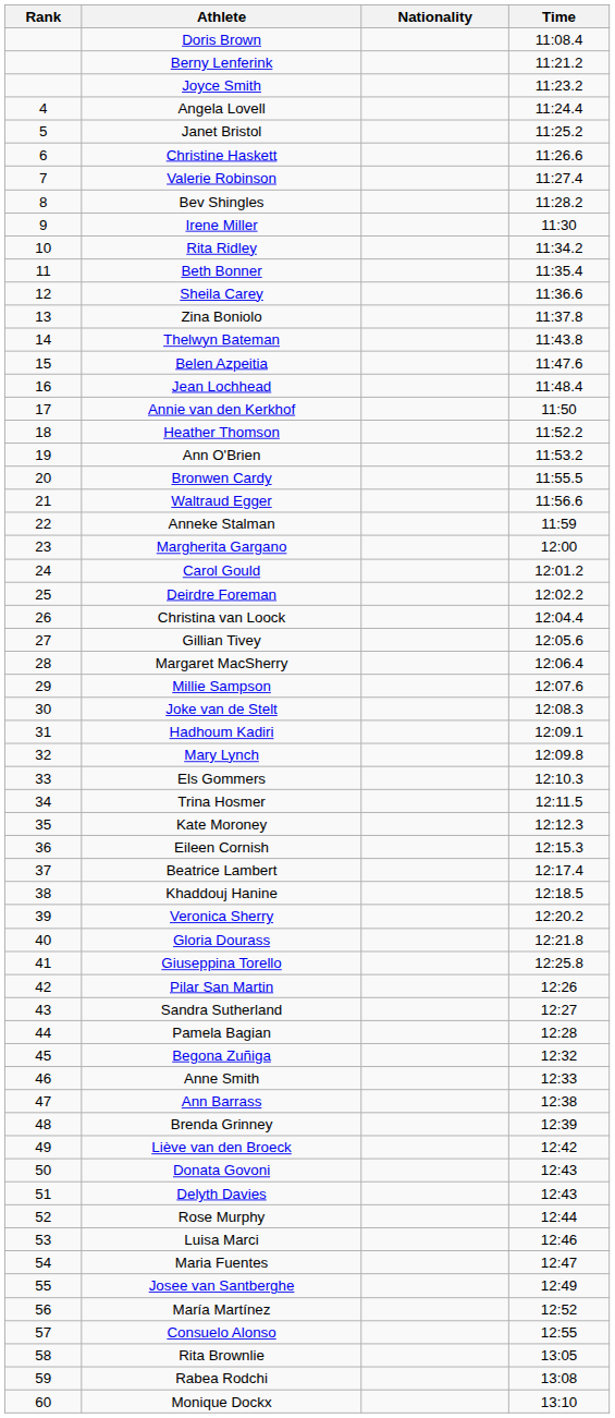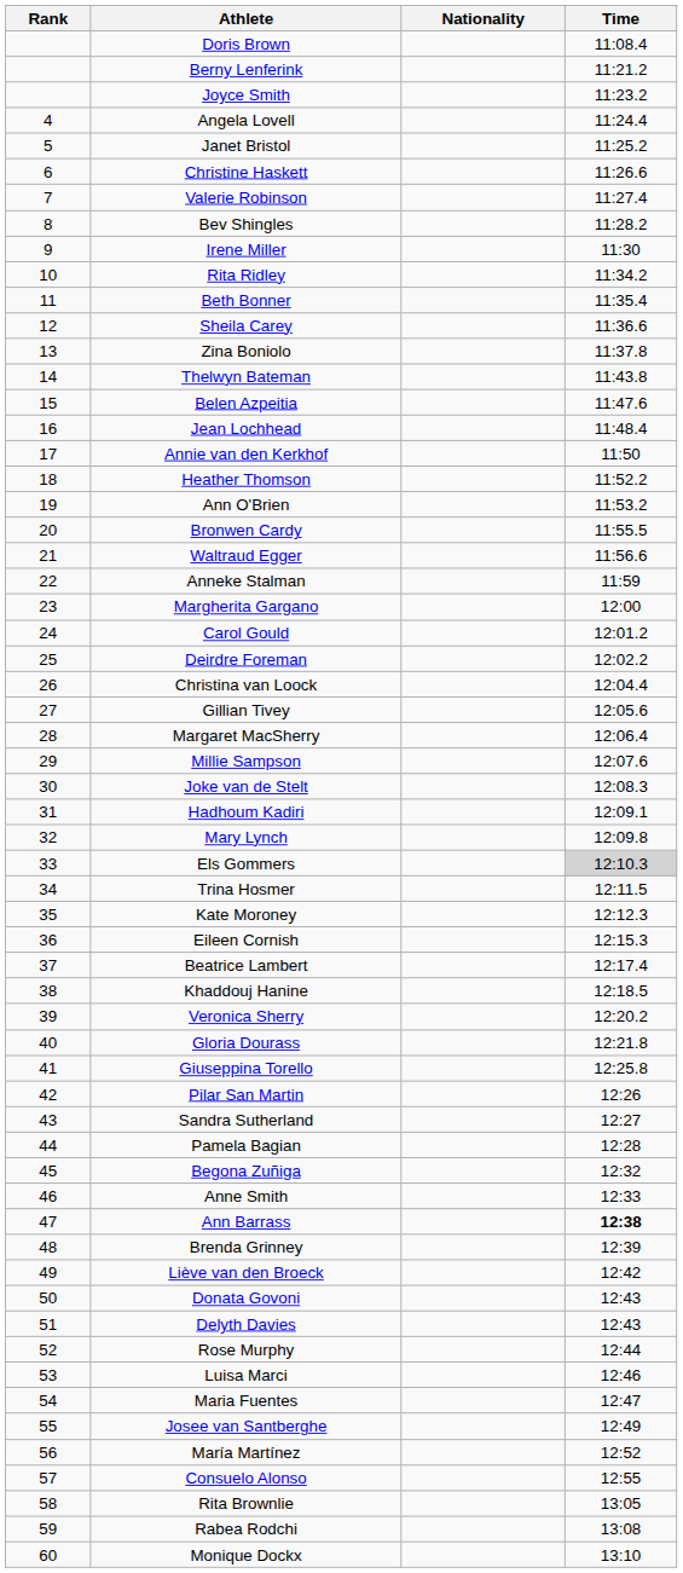 <table class="wikitable sortable" style=" text-align:center; font-size:95%;" width="50%">
 <tr>
 <th>Rank</th>
 <th>Athlete</th>
 <th>Nationality</th>
 <th>Time</th>
 </tr>
 <tr>
 <td align=center></td>
 <td><a href='#'>Doris Brown</a></td>
 <td></td>
 <td>11:08.4</td>
 </tr>
 <tr>
 <td align=center></td>
 <td><a href='#'>Berny Lenferink</a></td>
 <td></td>
 <td>11:21.2</td>
 </tr>
 <tr>
 <td align=center></td>
 <td><a href='#'>Joyce Smith</a></td>
 <td></td>
 <td>11:23.2</td>
 </tr>
 <tr>
 <td align=center>4</td>
 <td>Angela Lovell</td>
 <td></td>
 <td>11:24.4</td>
 </tr>
 <tr>
 <td align=center>5</td>
 <td>Janet Bristol</td>
 <td></td>
 <td>11:25.2</td>
 </tr>
 <tr>
 <td align=center>6</td>
 <td><a href='#'>Christine Haskett</a></td>
 <td></td>
 <td>11:26.6</td>
 </tr>
 <tr>
 <td align=center>7</td>
 <td><a href='#'>Valerie Robinson</a></td>
 <td></td>
 <td>11:27.4</td>
 </tr>
 <tr>
 <td align=center>8</td>
 <td>Bev Shingles</td>
 <td></td>
 <td>11:28.2</td>
 </tr>
 <tr>
 <td align=center>9</td>
 <td><a href='#'>Irene Miller</a></td>
 <td></td>
 <td>11:30</td>
 </tr>
 <tr>
 <td align=center>10</td>
 <td><a href='#'>Rita Ridley</a></td>
 <td></td>
 <td>11:34.2</td>
 </tr>
 <tr>
 <td align=center>11</td>
 <td><a href='#'>Beth Bonner</a></td>
 <td></td>
 <td>11:35.4</td>
 </tr>
 <tr>
 <td align=center>12</td>
 <td><a href='#'>Sheila Carey</a></td>
 <td></td>
 <td>11:36.6</td>
 </tr>
 <tr>
 <td align=center>13</td>
 <td>Zina Boniolo</td>
 <td></td>
 <td>11:37.8</td>
 </tr>
 <tr>
 <td align=center>14</td>
 <td><a href='#'>Thelwyn Bateman</a></td>
 <td></td>
 <td>11:43.8</td>
 </tr>
 <tr>
 <td align=center>15</td>
 <td><a href='#'>Belen Azpeitia</a></td>
 <td></td>
 <td>11:47.6</td>
 </tr>
 <tr>
 <td align=center>16</td>
 <td><a href='#'>Jean Lochhead</a></td>
 <td></td>
 <td>11:48.4</td>
 </tr>
 <tr>
 <td align=center>17</td>
 <td><a href='#'>Annie van den Kerkhof</a></td>
 <td></td>
 <td>11:50</td>
 </tr>
 <tr>
 <td align=center>18</td>
 <td><a href='#'>Heather Thomson</a></td>
 <td></td>
 <td>11:52.2</td>
 </tr>
 <tr>
 <td align=center>19</td>
 <td>Ann O'Brien</td>
 <td></td>
 <td>11:53.2</td>
 </tr>
 <tr>
 <td align=center>20</td>
 <td><a href='#'>Bronwen Cardy</a></td>
 <td></td>
 <td>11:55.5</td>
 </tr>
 <tr>
 <td align=center>21</td>
 <td><a href='#'>Waltraud Egger</a></td>
 <td></td>
 <td>11:56.6</td>
 </tr>
 <tr>
 <td align=center>22</td>
 <td>Anneke Stalman</td>
 <td></td>
 <td>11:59</td>
 </tr>
 <tr>
 <td align=center>23</td>
 <td><a href='#'>Margherita Gargano</a></td>
 <td></td>
 <td>12:00</td>
 </tr>
 <tr>
 <td align=center>24</td>
 <td><a href='#'>Carol Gould</a></td>
 <td></td>
 <td>12:01.2</td>
 </tr>
 <tr>
 <td align=center>25</td>
 <td><a href='#'>Deirdre Foreman</a></td>
 <td></td>
 <td>12:02.2</td>
 </tr>
 <tr>
 <td align=center>26</td>
 <td>Christina van Loock</td>
 <td></td>
 <td>12:04.4</td>
 </tr>
 <tr>
 <td align=center>27</td>
 <td>Gillian Tivey</td>
 <td></td>
 <td>12:05.6</td>
 </tr>
 <tr>
 <td align=center>28</td>
 <td>Margaret MacSherry</td>
 <td></td>
 <td>12:06.4</td>
 </tr>
 <tr>
 <td align=center>29</td>
 <td><a href='#'>Millie Sampson</a></td>
 <td></td>
 <td>12:07.6</td>
 </tr>
 <tr>
 <td align=center>30</td>
 <td><a href='#'>Joke van de Stelt</a></td>
 <td></td>
 <td>12:08.3</td>
 </tr>
 <tr>
 <td align=center>31</td>
 <td><a href='#'>Hadhoum Kadiri</a></td>
 <td></td>
 <td>12:09.1</td>
 </tr>
 <tr>
 <td align=center>32</td>
 <td><a href='#'>Mary Lynch</a></td>
 <td></td>
 <td>12:09.8</td>
 </tr>
 <tr>
 <td align=center>33</td>
 <td>Els Gommers</td>
 <td></td>
-<td>12:10.3</td>
+<td style="background: lightgrey;">12:10.3</td>
 </tr>
 <tr>
 <td align=center>34</td>
 <td>Trina Hosmer</td>
 <td></td>
 <td>12:11.5</td>
 </tr>
 <tr>
 <td align=center>35</td>
 <td>Kate Moroney</td>
 <td></td>
 <td>12:12.3</td>
 </tr>
 <tr>
 <td align=center>36</td>
 <td>Eileen Cornish</td>
 <td></td>
 <td>12:15.3</td>
 </tr>
 <tr>
 <td align=center>37</td>
 <td>Beatrice Lambert</td>
 <td></td>
 <td>12:17.4</td>
 </tr>
 <tr>
 <td align=center>38</td>
 <td>Khaddouj Hanine</td>
 <td></td>
 <td>12:18.5</td>
 </tr>
 <tr>
 <td align=center>39</td>
 <td><a href='#'>Veronica Sherry</a></td>
 <td></td>
 <td>12:20.2</td>
 </tr>
 <tr>
 <td align=center>40</td>
 <td><a href='#'>Gloria Dourass</a></td>
 <td></td>
 <td>12:21.8</td>
 </tr>
 <tr>
 <td align=center>41</td>
 <td><a href='#'>Giuseppina Torello</a></td>
 <td></td>
 <td>12:25.8</td>
 </tr>
 <tr>
 <td align=center>42</td>
 <td><a href='#'>Pilar San Martin</a></td>
 <td></td>
 <td>12:26</td>
 </tr>
 <tr>
 <td align=center>43</td>
 <td>Sandra Sutherland</td>
 <td></td>
 <td>12:27</td>
 </tr>
 <tr>
 <td align=center>44</td>
 <td>Pamela Bagian</td>
 <td></td>
 <td>12:28</td>
 </tr>
 <tr>
 <td align=center>45</td>
 <td><a href='#'>Begona Zuñiga</a></td>
 <td></td>
 <td>12:32</td>
 </tr>
 <tr>
 <td align=center>46</td>
 <td>Anne Smith</td>
 <td></td>
 <td>12:33</td>
 </tr>
 <tr>
 <td align=center>47</td>
 <td><a href='#'>Ann Barrass</a></td>
 <td></td>
-<td>12:38</td>
+<td><strong>12:38</strong></td>
 </tr>
 <tr>
 <td align=center>48</td>
 <td>Brenda Grinney</td>
 <td></td>
 <td>12:39</td>
 </tr>
 <tr>
 <td align=center>49</td>
 <td><a href='#'>Liève van den Broeck</a></td>
 <td></td>
 <td>12:42</td>
 </tr>
 <tr>
 <td align=center>50</td>
 <td><a href='#'>Donata Govoni</a></td>
 <td></td>
 <td>12:43</td>
 </tr>
 <tr>
 <td align=center>51</td>
 <td><a href='#'>Delyth Davies</a></td>
 <td></td>
 <td>12:43</td>
 </tr>
 <tr>
 <td align=center>52</td>
 <td>Rose Murphy</td>
 <td></td>
 <td>12:44</td>
 </tr>
 <tr>
 <td align=center>53</td>
 <td>Luisa Marci</td>
 <td></td>
 <td>12:46</td>
 </tr>
 <tr>
 <td align=center>54</td>
 <td>Maria Fuentes</td>
 <td></td>
 <td>12:47</td>
 </tr>
 <tr>
 <td align=center>55</td>
 <td><a href='#'>Josee van Santberghe</a></td>
 <td></td>
 <td>12:49</td>
 </tr>
 <tr>
 <td align=center>56</td>
 <td>María Martínez</td>
 <td></td>
 <td>12:52</td>
 </tr>
 <tr>
 <td align=center>57</td>
 <td><a href='#'>Consuelo Alonso</a></td>
 <td></td>
 <td>12:55</td>
 </tr>
 <tr>
 <td align=center>58</td>
 <td>Rita Brownlie</td>
 <td></td>
 <td>13:05</td>
 </tr>
 <tr>
 <td align=center>59</td>
 <td>Rabea Rodchi</td>
 <td></td>
 <td>13:08</td>
 </tr>
 <tr>
 <td align=center>60</td>
 <td>Monique Dockx</td>
 <td></td>
 <td>13:10</td>
 </tr>
 </table>
